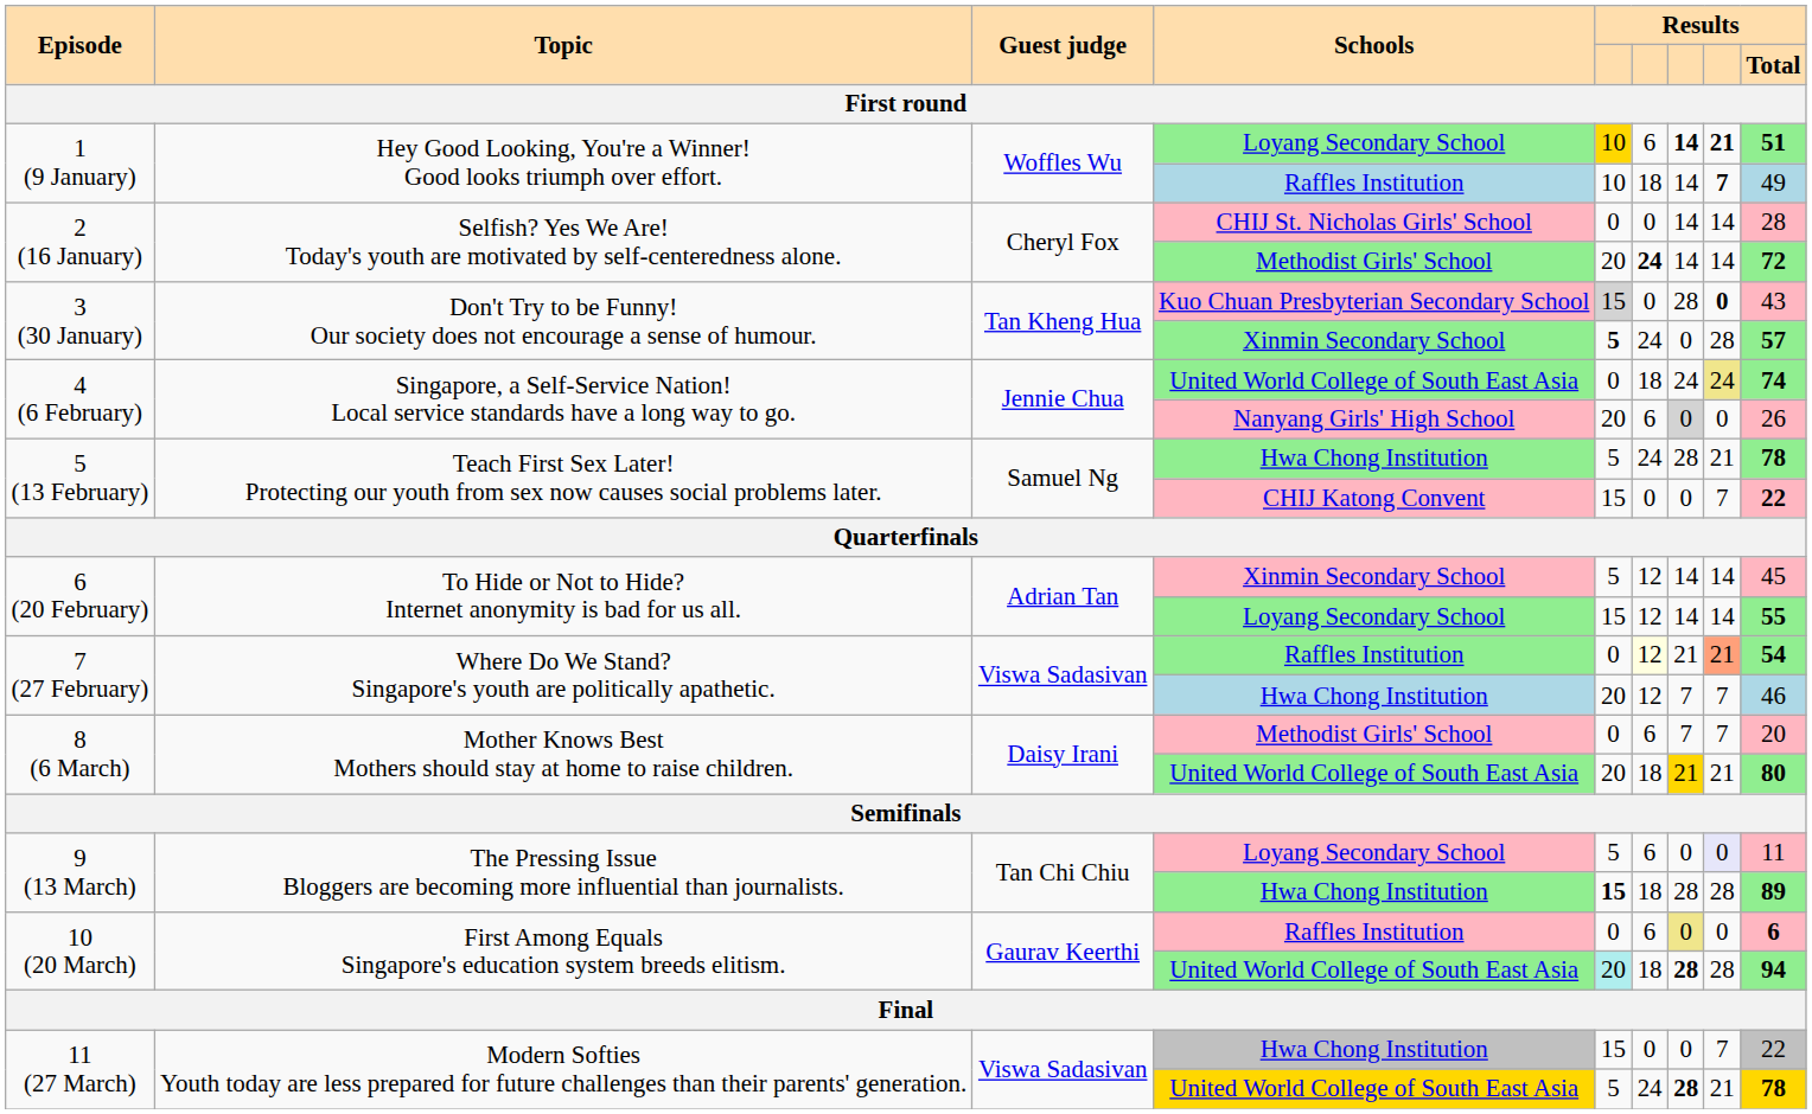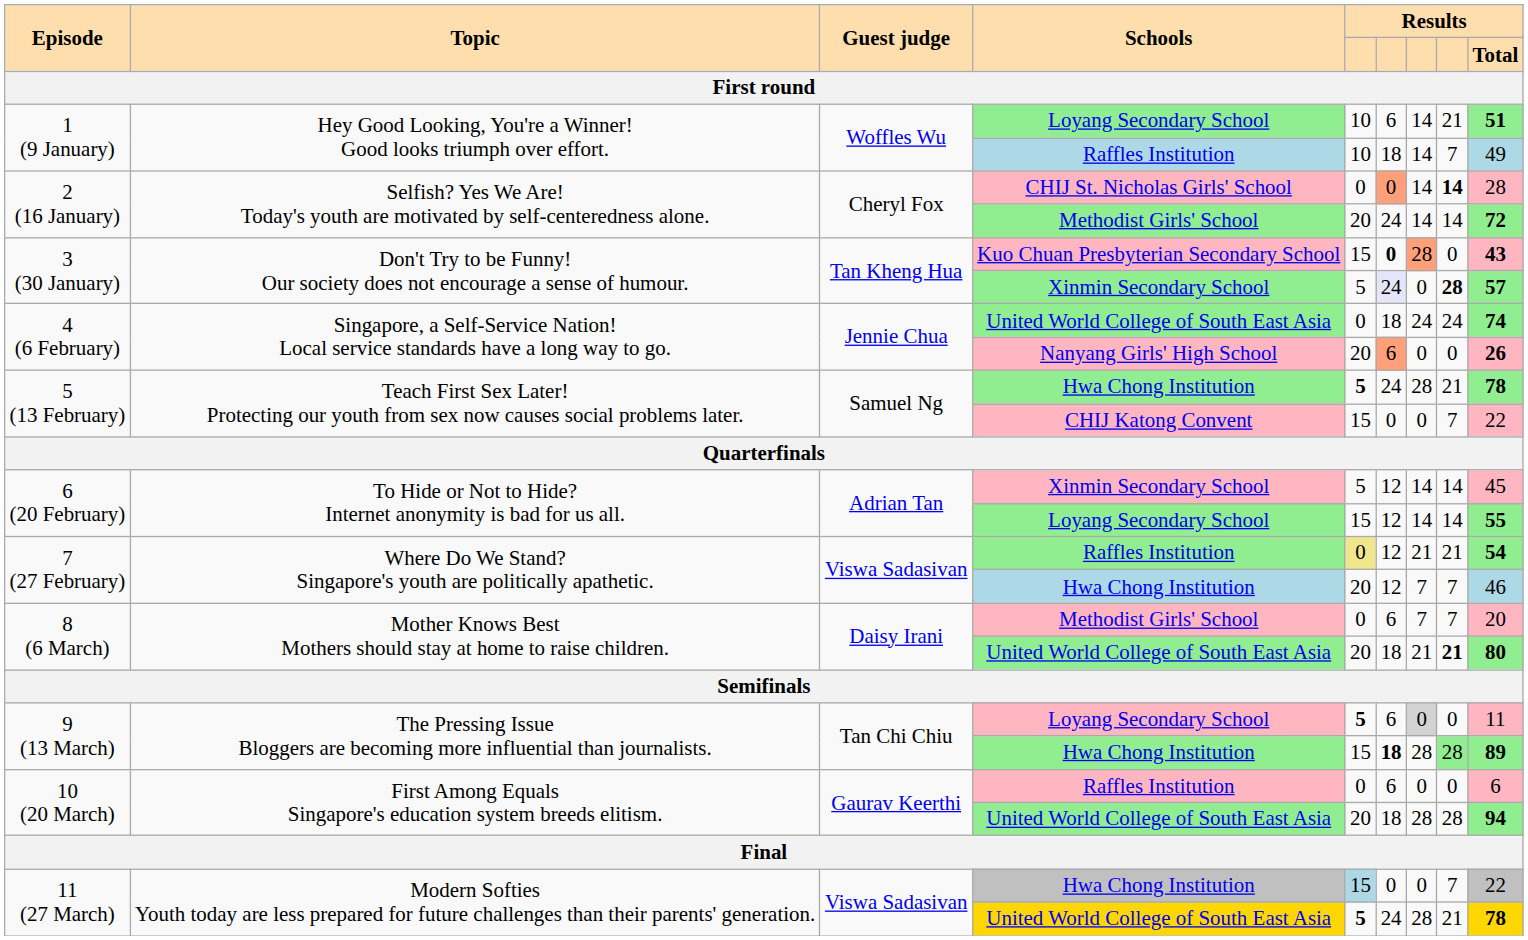 <table class="wikitable unsortable" style="text-align:center;">
 <tr>
 <th rowspan="2" style="text-align:center; background-color:navajowhite;">Episode</th>
 <th rowspan="2" style="text-align:center; background-color:navajowhite;" scope="col">Topic</th>
 <th rowspan="2" style="text-align:center; background-color:navajowhite;">Guest judge</th>
 <th rowspan="2" style="text-align:center; background-color:navajowhite;">Schools</th>
 <th colspan="5" style="text-align:center; background-color:navajowhite;">Results</th>
 </tr>
 <tr>
 <th scope="col" style="text-align:center; background-color:navajowhite;"></th>
 <th scope="col" style="text-align:center; background-color:navajowhite;"></th>
 <th scope="col" style="text-align:center; background-color:navajowhite;"></th>
 <th scope="col" style="text-align:center; background-color:navajowhite;"></th>
 <th scope="col" style="text-align:center; background-color:navajowhite;">Total</th>
 </tr>
 <tr>
 <th scope="col" colspan="9">First round</th>
 </tr>
 <tr>
 <td rowspan=2>1 <br>(9 January)</td>
 <td rowspan=2>Hey Good Looking, You're a Winner! <br> Good looks triumph over effort.</td>
 <td rowspan=2><a href='#'>Woffles Wu</a></td>
 <td bgcolor=lightgreen><a href='#'>Loyang Secondary School</a></td>
-<td style="background: gold;">10</td>
+<td>10</td>
 <td>6</td>
-<td><strong>14</strong></td>
-<td><strong>21</strong></td>
+<td>14</td>
+<td>21</td>
 <td bgcolor=lightgreen><strong>51</strong></td>
 </tr>
 <tr>
 <td bgcolor=lightblue><a href='#'>Raffles Institution</a></td>
 <td>10</td>
 <td>18</td>
 <td>14</td>
-<td><strong>7</strong></td>
+<td>7</td>
 <td bgcolor=lightblue>49</td>
 </tr>
 <tr>
 <td rowspan=2>2 <br>(16 January)</td>
 <td rowspan=2>Selfish? Yes We Are! <br> Today's youth are motivated by self-centeredness alone.</td>
 <td rowspan=2>Cheryl Fox</td>
 <td bgcolor=lightpink><a href='#'>CHIJ St. Nicholas Girls' School</a></td>
 <td>0</td>
-<td>0</td>
+<td style="background: lightsalmon;">0</td>
 <td>14</td>
-<td>14</td>
+<td><strong>14</strong></td>
 <td bgcolor=lightpink>28</td>
 </tr>
 <tr>
 <td bgcolor=lightgreen><a href='#'>Methodist Girls' School</a></td>
 <td>20</td>
-<td><strong>24</strong></td>
+<td>24</td>
 <td>14</td>
 <td>14</td>
 <td bgcolor=lightgreen><strong>72</strong></td>
 </tr>
 <tr>
 <td rowspan=2>3 <br>(30 January)</td>
 <td rowspan=2>Don't Try to be Funny! <br> Our society does not encourage a sense of humour.</td>
 <td rowspan=2><a href='#'>Tan Kheng Hua</a></td>
 <td bgcolor=lightpink><a href='#'>Kuo Chuan Presbyterian Secondary School</a></td>
-<td style="background: lightgrey;">15</td>
+<td>15</td>
+<td><strong>0</strong></td>
+<td style="background: lightsalmon;">28</td>
 <td>0</td>
-<td>28</td>
-<td><strong>0</strong></td>
-<td bgcolor=lightpink>43</td>
+<td bgcolor=lightpink><strong>43</strong></td>
 </tr>
 <tr>
 <td bgcolor=lightgreen><a href='#'>Xinmin Secondary School</a></td>
-<td><strong>5</strong></td>
-<td>24</td>
+<td>5</td>
+<td style="background: lavender;">24</td>
 <td>0</td>
-<td>28</td>
+<td><strong>28</strong></td>
 <td bgcolor=lightgreen><strong>57</strong></td>
 </tr>
 <tr>
 <td rowspan=2>4 <br>(6 February)</td>
 <td rowspan=2>Singapore, a Self-Service Nation! <br> Local service standards have a long way to go.</td>
 <td rowspan=2><a href='#'>Jennie Chua</a></td>
 <td bgcolor=lightgreen><a href='#'>United World College of South East Asia</a></td>
 <td>0</td>
 <td>18</td>
 <td>24</td>
-<td style="background: khaki;">24</td>
+<td>24</td>
 <td bgcolor=lightgreen><strong>74</strong></td>
 </tr>
 <tr>
 <td bgcolor=lightpink><a href='#'>Nanyang Girls' High School</a></td>
 <td>20</td>
-<td>6</td>
-<td style="background: lightgrey;">0</td>
+<td style="background: lightsalmon;">6</td>
 <td>0</td>
-<td bgcolor=lightpink>26</td>
+<td>0</td>
+<td bgcolor=lightpink><strong>26</strong></td>
 </tr>
 <tr>
 <td rowspan=2>5 <br>(13 February)</td>
 <td rowspan=2>Teach First Sex Later! <br> Protecting our youth from sex now causes social problems later.</td>
 <td rowspan=2>Samuel Ng</td>
 <td bgcolor=lightgreen><a href='#'>Hwa Chong Institution</a></td>
-<td>5</td>
+<td><strong>5</strong></td>
 <td>24</td>
 <td>28</td>
 <td>21</td>
 <td bgcolor=lightgreen><strong>78</strong></td>
 </tr>
 <tr>
 <td bgcolor=lightpink><a href='#'>CHIJ Katong Convent</a></td>
 <td>15</td>
 <td>0</td>
 <td>0</td>
 <td>7</td>
-<td bgcolor=lightpink><strong>22</strong></td>
+<td bgcolor=lightpink>22</td>
 </tr>
 <tr>
 <th scope="col" colspan="9">Quarterfinals</th>
 </tr>
 <tr>
 <td rowspan=2>6 <br>(20 February)</td>
 <td rowspan=2>To Hide or Not to Hide? <br> Internet anonymity is bad for us all.</td>
 <td rowspan=2><a href='#'>Adrian Tan</a></td>
 <td bgcolor=lightpink><a href='#'>Xinmin Secondary School</a></td>
 <td>5</td>
 <td>12</td>
 <td>14</td>
 <td>14</td>
 <td bgcolor=lightpink>45</td>
 </tr>
 <tr>
 <td bgcolor=lightgreen><a href='#'>Loyang Secondary School</a></td>
 <td>15</td>
 <td>12</td>
 <td>14</td>
 <td>14</td>
 <td bgcolor=lightgreen><strong>55</strong></td>
 </tr>
 <tr>
 <td rowspan=2>7 <br>(27 February)</td>
 <td rowspan=2>Where Do We Stand? <br> Singapore's youth are politically apathetic.</td>
 <td rowspan=2><a href='#'>Viswa Sadasivan</a></td>
 <td bgcolor=lightgreen><a href='#'>Raffles Institution</a></td>
-<td>0</td>
-<td style="background: lightyellow;">12</td>
+<td style="background: khaki;">0</td>
+<td>12</td>
 <td>21</td>
-<td style="background: lightsalmon;">21</td>
+<td>21</td>
 <td bgcolor=lightgreen><strong>54</strong></td>
 </tr>
 <tr>
 <td bgcolor=lightblue><a href='#'>Hwa Chong Institution</a></td>
 <td>20</td>
 <td>12</td>
 <td>7</td>
 <td>7</td>
 <td bgcolor=lightblue>46</td>
 </tr>
 <tr>
 <td rowspan=2>8 <br>(6 March)</td>
 <td rowspan=2>Mother Knows Best <br> Mothers should stay at home to raise children.</td>
 <td rowspan=2><a href='#'>Daisy Irani</a></td>
 <td bgcolor=lightpink><a href='#'>Methodist Girls' School</a></td>
 <td>0</td>
 <td>6</td>
 <td>7</td>
 <td>7</td>
 <td bgcolor=lightpink>20</td>
 </tr>
 <tr>
 <td bgcolor=lightgreen><a href='#'>United World College of South East Asia</a></td>
 <td>20</td>
 <td>18</td>
-<td style="background: gold;">21</td>
 <td>21</td>
+<td><strong>21</strong></td>
 <td bgcolor=lightgreen><strong>80</strong></td>
 </tr>
 <tr>
 <th scope="col" colspan="9">Semifinals</th>
 </tr>
 <tr>
 <td rowspan=2>9 <br>(13 March)</td>
 <td rowspan=2>The Pressing Issue <br> Bloggers are becoming more influential than journalists.</td>
 <td rowspan=2>Tan Chi Chiu</td>
 <td bgcolor=lightpink><a href='#'>Loyang Secondary School</a></td>
-<td>5</td>
+<td><strong>5</strong></td>
 <td>6</td>
+<td style="background: lightgrey;">0</td>
 <td>0</td>
-<td style="background: lavender;">0</td>
 <td bgcolor=lightpink>11</td>
 </tr>
 <tr>
 <td bgcolor=lightgreen><a href='#'>Hwa Chong Institution</a></td>
-<td><strong>15</strong></td>
-<td>18</td>
+<td>15</td>
+<td><strong>18</strong></td>
 <td>28</td>
-<td>28</td>
+<td style="background: lightgreen;">28</td>
 <td bgcolor=lightgreen><strong>89</strong></td>
 </tr>
 <tr>
 <td rowspan=2>10 <br>(20 March)</td>
 <td rowspan=2>First Among Equals <br> Singapore's education system breeds elitism.</td>
 <td rowspan=2><a href='#'>Gaurav Keerthi</a></td>
 <td bgcolor=lightpink><a href='#'>Raffles Institution</a></td>
 <td>0</td>
 <td>6</td>
-<td style="background: khaki;">0</td>
 <td>0</td>
-<td bgcolor=lightpink><strong>6</strong></td>
+<td>0</td>
+<td bgcolor=lightpink>6</td>
 </tr>
 <tr>
 <td bgcolor=lightgreen><a href='#'>United World College of South East Asia</a></td>
-<td style="background: paleturquoise;">20</td>
+<td>20</td>
 <td>18</td>
-<td><strong>28</strong></td>
+<td>28</td>
 <td>28</td>
 <td bgcolor=lightgreen><strong>94</strong></td>
 </tr>
 <tr>
 <th scope="col" colspan="9">Final</th>
 </tr>
 <tr>
 <td rowspan=2>11 <br>(27 March)</td>
 <td rowspan=2>Modern Softies <br> Youth today are less prepared for future challenges than their parents' generation.</td>
 <td rowspan=2><a href='#'>Viswa Sadasivan</a></td>
 <td bgcolor=silver><a href='#'>Hwa Chong Institution</a></td>
-<td>15</td>
+<td style="background: lightblue;">15</td>
 <td>0</td>
 <td>0</td>
 <td>7</td>
 <td bgcolor=silver>22</td>
 </tr>
 <tr>
 <td bgcolor=gold><a href='#'>United World College of South East Asia</a></td>
-<td>5</td>
+<td><strong>5</strong></td>
 <td>24</td>
-<td><strong>28</strong></td>
+<td>28</td>
 <td>21</td>
 <td bgcolor=gold><strong>78</strong></td>
 </tr>
 </table>
